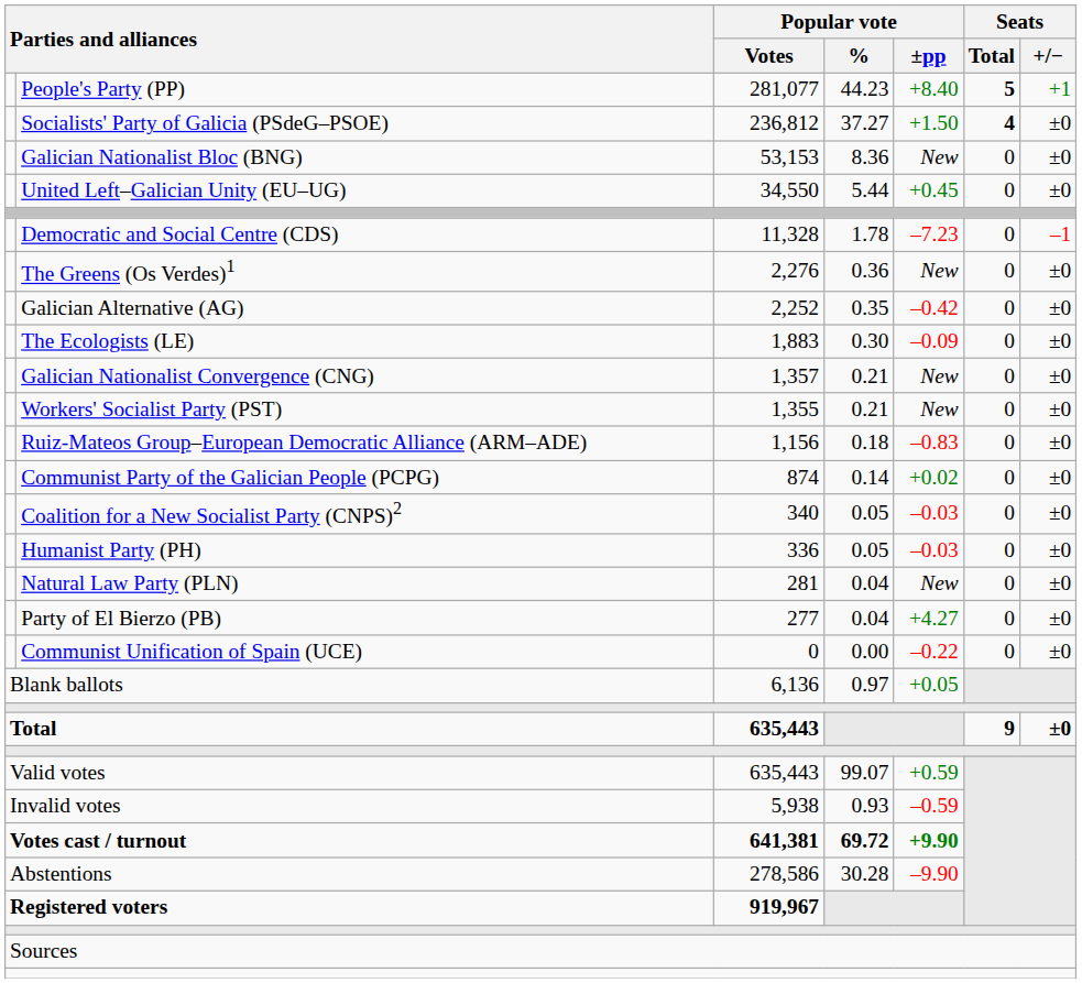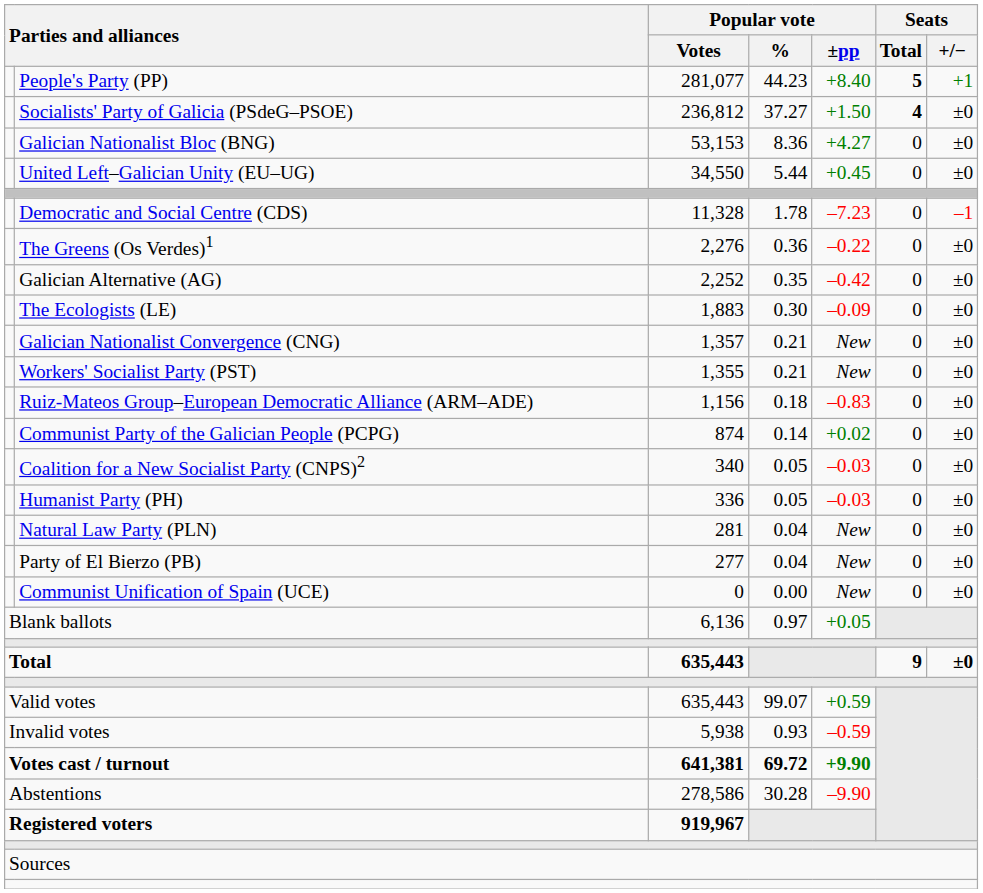 <table class="wikitable" style="text-align:right;">
 <tr>
 <th style="text-align:left;" rowspan="2" colspan="2" width="525">Parties and alliances</th>
 <th colspan="3">Popular vote</th>
 <th colspan="2">Seats</th>
 </tr>
 <tr>
 <th width="75">Votes</th>
 <th width="45">%</th>
 <th width="45">±<a href='#'>pp</a></th>
 <th width="35">Total</th>
 <th width="35">+/−</th>
 </tr>
 <tr>
 <td width="1" style="color:inherit;background:"></td>
 <td align="left"><a href='#'>People's Party</a> (PP)</td>
 <td>281,077</td>
 <td>44.23</td>
 <td style="color:green;">+8.40</td>
 <td><strong>5</strong></td>
 <td style="color:green;">+1</td>
 </tr>
 <tr>
 <td style="color:inherit;background:"></td>
 <td align="left"><a href='#'>Socialists' Party of Galicia</a> (PSdeG–PSOE)</td>
 <td>236,812</td>
 <td>37.27</td>
 <td style="color:green;">+1.50</td>
 <td><strong>4</strong></td>
 <td>±0</td>
 </tr>
 <tr>
 <td style="color:inherit;background:"></td>
 <td align="left"><a href='#'>Galician Nationalist Bloc</a> (BNG)</td>
 <td>53,153</td>
 <td>8.36</td>
-<td><em>New</em></td>
+<td style="color:green;">+4.27</td>
 <td>0</td>
 <td>±0</td>
 </tr>
 <tr>
 <td style="color:inherit;background:"></td>
 <td align="left"><a href='#'>United Left</a>–<a href='#'>Galician Unity</a> (EU–UG)</td>
 <td>34,550</td>
 <td>5.44</td>
 <td style="color:green;">+0.45</td>
 <td>0</td>
 <td>±0</td>
 </tr>
 <tr>
 <td colspan="7" bgcolor="#C0C0C0"></td>
 </tr>
 <tr>
 <td style="color:inherit;background:"></td>
 <td align="left"><a href='#'>Democratic and Social Centre</a> (CDS)</td>
 <td>11,328</td>
 <td>1.78</td>
 <td style="color:red;">–7.23</td>
 <td>0</td>
 <td style="color:red;">–1</td>
 </tr>
 <tr>
 <td style="color:inherit;background:"></td>
 <td align="left"><a href='#'>The Greens</a> (Os Verdes)<sup>1</sup></td>
 <td>2,276</td>
 <td>0.36</td>
-<td><em>New</em></td>
+<td style="color:red;">–0.22</td>
 <td>0</td>
 <td>±0</td>
 </tr>
 <tr>
 <td style="color:inherit;background:"></td>
 <td align="left">Galician Alternative (AG)</td>
 <td>2,252</td>
 <td>0.35</td>
 <td style="color:red;">–0.42</td>
 <td>0</td>
 <td>±0</td>
 </tr>
 <tr>
 <td style="color:inherit;background:"></td>
 <td align="left"><a href='#'>The Ecologists</a> (LE)</td>
 <td>1,883</td>
 <td>0.30</td>
 <td style="color:red;">–0.09</td>
 <td>0</td>
 <td>±0</td>
 </tr>
 <tr>
 <td style="color:inherit;background:"></td>
 <td align="left"><a href='#'>Galician Nationalist Convergence</a> (CNG)</td>
 <td>1,357</td>
 <td>0.21</td>
 <td><em>New</em></td>
 <td>0</td>
 <td>±0</td>
 </tr>
 <tr>
 <td style="color:inherit;background:"></td>
 <td align="left"><a href='#'>Workers' Socialist Party</a> (PST)</td>
 <td>1,355</td>
 <td>0.21</td>
 <td><em>New</em></td>
 <td>0</td>
 <td>±0</td>
 </tr>
 <tr>
 <td style="color:inherit;background:"></td>
 <td align="left"><a href='#'>Ruiz-Mateos Group</a>–<a href='#'>European Democratic Alliance</a> (ARM–ADE)</td>
 <td>1,156</td>
 <td>0.18</td>
 <td style="color:red;">–0.83</td>
 <td>0</td>
 <td>±0</td>
 </tr>
 <tr>
 <td style="color:inherit;background:"></td>
 <td align="left"><a href='#'>Communist Party of the Galician People</a> (PCPG)</td>
 <td>874</td>
 <td>0.14</td>
 <td style="color:green;">+0.02</td>
 <td>0</td>
 <td>±0</td>
 </tr>
 <tr>
 <td style="color:inherit;background:"></td>
 <td align="left"><a href='#'>Coalition for a New Socialist Party</a> (CNPS)<sup>2</sup></td>
 <td>340</td>
 <td>0.05</td>
 <td style="color:red;">–0.03</td>
 <td>0</td>
 <td>±0</td>
 </tr>
 <tr>
 <td style="color:inherit;background:"></td>
 <td align="left"><a href='#'>Humanist Party</a> (PH)</td>
 <td>336</td>
 <td>0.05</td>
 <td style="color:red;">–0.03</td>
 <td>0</td>
 <td>±0</td>
 </tr>
 <tr>
 <td style="color:inherit;background:"></td>
 <td align="left"><a href='#'>Natural Law Party</a> (PLN)</td>
 <td>281</td>
 <td>0.04</td>
 <td><em>New</em></td>
 <td>0</td>
 <td>±0</td>
 </tr>
 <tr>
 <td style="color:inherit;background:"></td>
 <td align="left">Party of El Bierzo (PB)</td>
 <td>277</td>
 <td>0.04</td>
-<td style="color:green;">+4.27</td>
+<td><em>New</em></td>
 <td>0</td>
 <td>±0</td>
 </tr>
 <tr>
 <td style="color:inherit;background:"></td>
 <td align="left"><a href='#'>Communist Unification of Spain</a> (UCE)</td>
 <td>0</td>
 <td>0.00</td>
-<td style="color:red;">–0.22</td>
+<td><em>New</em></td>
 <td>0</td>
 <td>±0</td>
 </tr>
 <tr>
 <td align="left" colspan="2">Blank ballots</td>
 <td>6,136</td>
 <td>0.97</td>
 <td style="color:green;">+0.05</td>
 <td bgcolor="#E9E9E9" colspan="2"></td>
 </tr>
 <tr>
 <td colspan="7" bgcolor="#E9E9E9"></td>
 </tr>
 <tr style="font-weight:bold;">
 <td align="left" colspan="2">Total</td>
 <td>635,443</td>
 <td bgcolor="#E9E9E9" colspan="2"></td>
 <td>9</td>
 <td>±0</td>
 </tr>
 <tr>
 <td colspan="7" bgcolor="#E9E9E9"></td>
 </tr>
 <tr>
 <td align="left" colspan="2">Valid votes</td>
 <td>635,443</td>
 <td>99.07</td>
 <td style="color:green;">+0.59</td>
 <td bgcolor="#E9E9E9" colspan="2" rowspan="5"></td>
 </tr>
 <tr>
 <td align="left" colspan="2">Invalid votes</td>
 <td>5,938</td>
 <td>0.93</td>
 <td style="color:red;">–0.59</td>
 </tr>
 <tr style="font-weight:bold;">
 <td align="left" colspan="2">Votes cast / turnout</td>
 <td>641,381</td>
 <td>69.72</td>
 <td style="color:green;">+9.90</td>
 </tr>
 <tr>
 <td align="left" colspan="2">Abstentions</td>
 <td>278,586</td>
 <td>30.28</td>
 <td style="color:red;">–9.90</td>
 </tr>
 <tr style="font-weight:bold;">
 <td align="left" colspan="2">Registered voters</td>
 <td>919,967</td>
 <td bgcolor="#E9E9E9" colspan="2"></td>
 </tr>
 <tr>
 <td colspan="7" bgcolor="#E9E9E9"></td>
 </tr>
 <tr>
 <td align="left" colspan="7">Sources</td>
 </tr>
 <tr>
 <td colspan="7" style="text-align:left; max-width:790px;"></td>
 </tr>
 </table>
